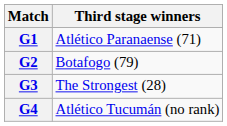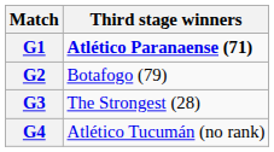 <table class="wikitable">
 <tr>
 <th>Match</th>
 <th>Third stage winners</th>
 </tr>
 <tr>
 <th><a href='#'>G1</a></th>
-<td> <a href='#'>Atlético Paranaense</a> (71)</td>
+<td><strong> <a href='#'>Atlético Paranaense</a> (71)</strong></td>
 </tr>
 <tr>
 <th><a href='#'>G2</a></th>
 <td> <a href='#'>Botafogo</a> (79)</td>
 </tr>
 <tr>
 <th><a href='#'>G3</a></th>
 <td> <a href='#'>The Strongest</a> (28)</td>
 </tr>
 <tr>
 <th><a href='#'>G4</a></th>
 <td> <a href='#'>Atlético Tucumán</a> (no rank)</td>
 </tr>
 </table>
